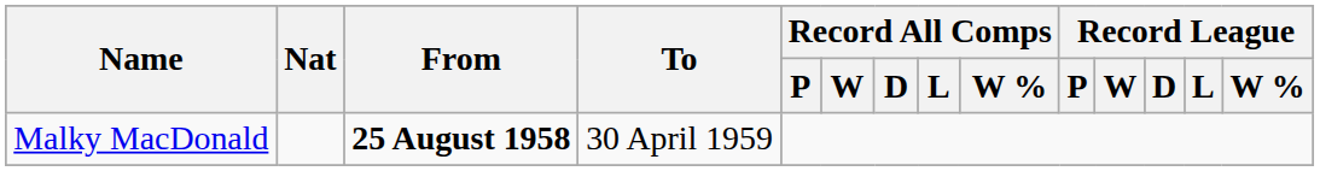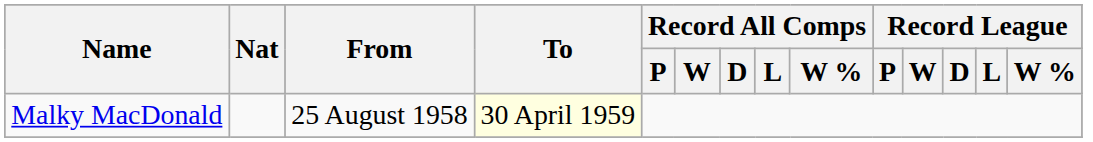 <table style="text-align: center" class="wikitable">
 <tr>
 <th rowspan="2">Name</th>
 <th rowspan="2">Nat</th>
 <th rowspan="2">From</th>
 <th rowspan="2">To</th>
 <th colspan="5">Record All Comps</th>
 <th colspan="5">Record League</th>
 </tr>
 <tr>
 <th>P</th>
 <th>W</th>
 <th>D</th>
 <th>L</th>
 <th>W %</th>
 <th>P</th>
 <th>W</th>
 <th>D</th>
 <th>L</th>
 <th>W %</th>
 </tr>
 <tr>
 <td style="text-align:left;"><a href='#'>Malky MacDonald</a></td>
 <td></td>
-<td style="text-align:left;"><strong>25 August 1958</strong></td>
-<td style="text-align:left;">30 April 1959<br> </td>
+<td style="text-align:left;">25 August 1958</td>
+<td style="background: lightyellow; text-align:left;">30 April 1959<br> </td>
 </tr>
 </table>
